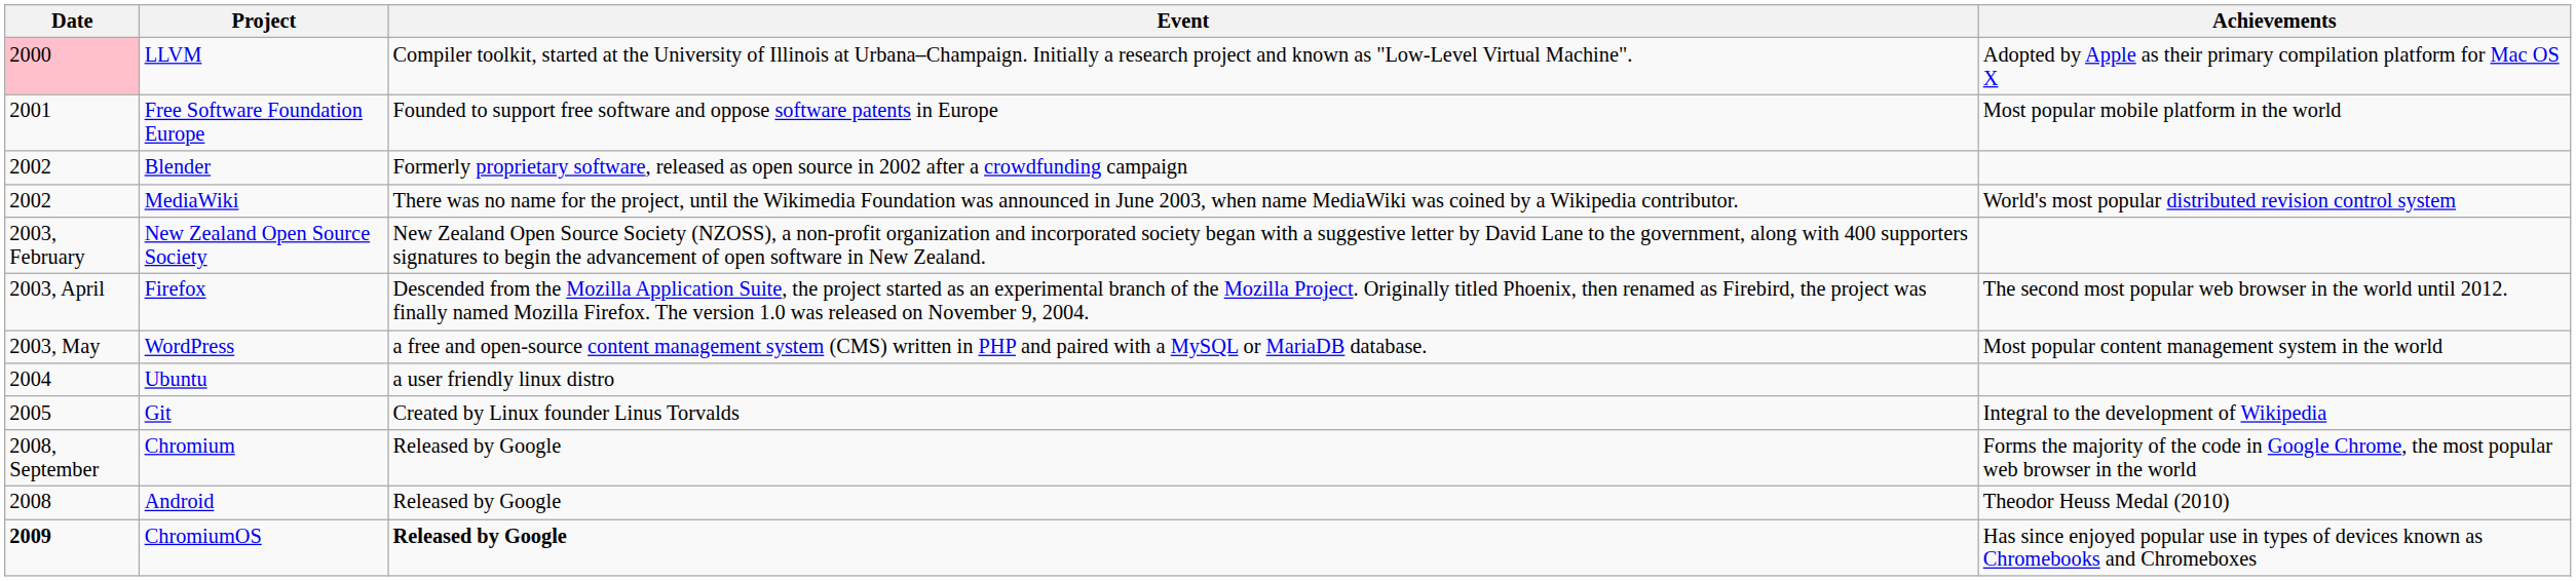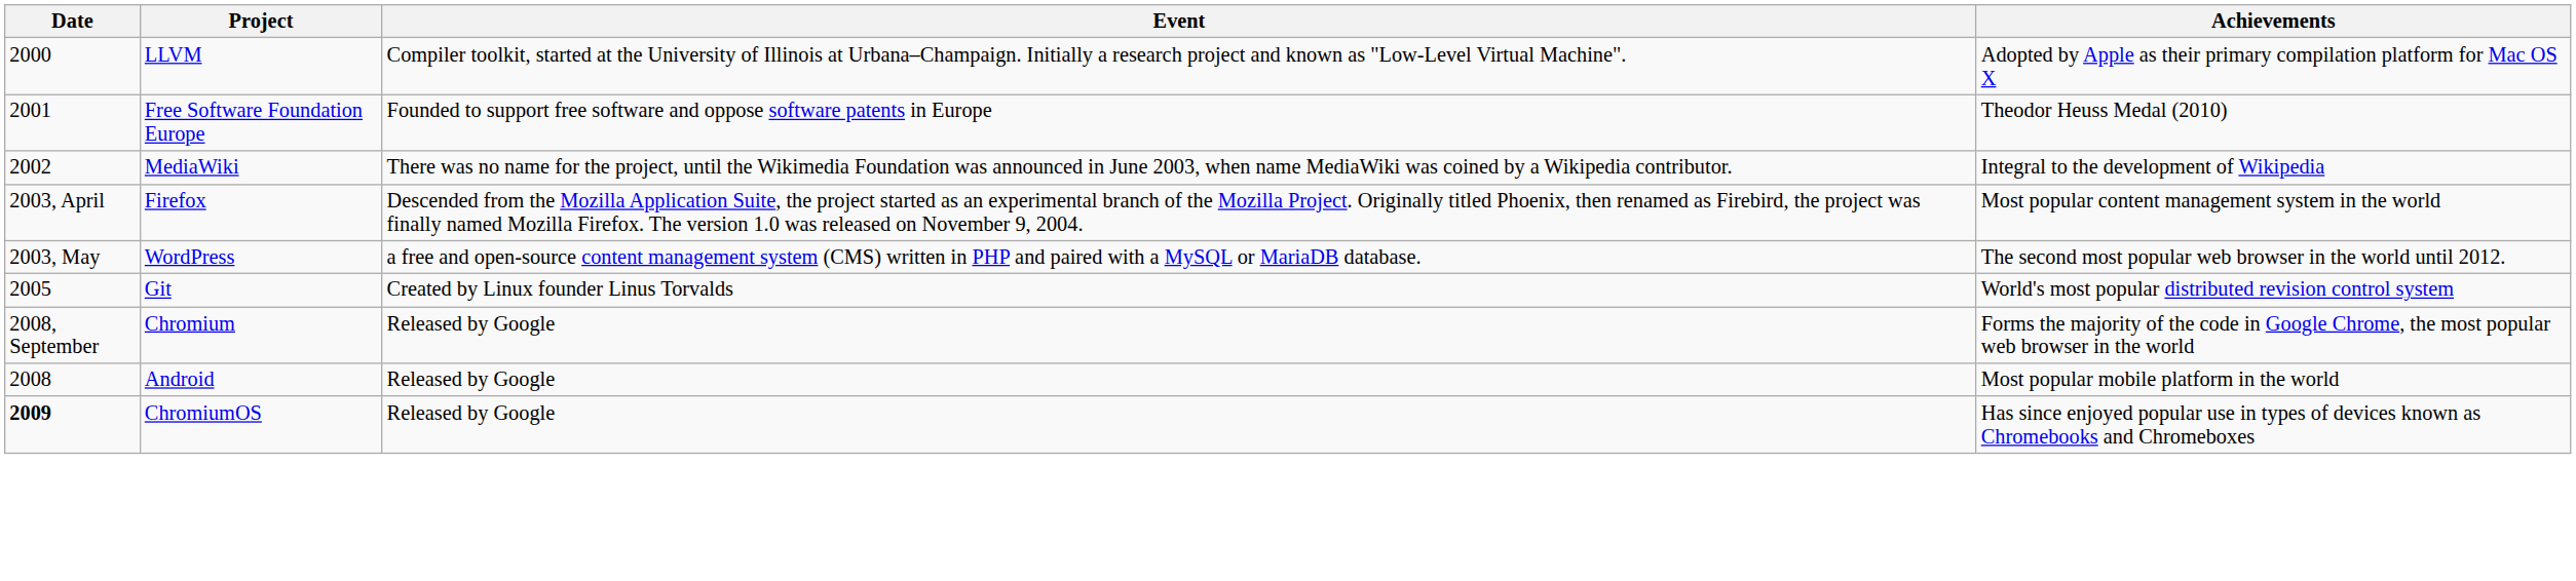 <table class="wikitable sortable">
 <tr>
 <th>Date</th>
 <th>Project</th>
 <th class="unsortable">Event</th>
 <th class="unsortable">Achievements</th>
 </tr>
 <tr valign="top">
-<td style="background: pink;">2000</td>
+<td>2000</td>
 <td><a href='#'>LLVM</a></td>
 <td>Compiler toolkit, started at the University of Illinois at Urbana–Champaign. Initially a research project and known as "Low-Level Virtual Machine".</td>
 <td>Adopted by <a href='#'>Apple</a> as their primary compilation platform for <a href='#'>Mac OS X</a></td>
 </tr>
 <tr valign="top">
 <td>2001</td>
 <td><a href='#'>Free Software Foundation Europe</a></td>
 <td>Founded to support free software and oppose <a href='#'>software patents</a> in Europe</td>
-<td>Most popular mobile platform in the world</td>
-</tr>
-<tr valign="top">
-<td>2002</td>
-<td><a href='#'>Blender</a></td>
-<td>Formerly <a href='#'>proprietary software</a>, released as open source in 2002 after a <a href='#'>crowdfunding</a> campaign</td>
-<td></td>
+<td>Theodor Heuss Medal (2010)</td>
 </tr>
 <tr valign="top">
 <td>2002</td>
 <td><a href='#'>MediaWiki</a></td>
 <td>There was no name for the project, until the Wikimedia Foundation was announced in June 2003, when name MediaWiki was coined by a Wikipedia contributor.</td>
-<td>World's most popular <a href='#'>distributed revision control system</a></td>
-</tr>
-<tr>
-<td>2003, February</td>
-<td><a href='#'>New Zealand Open Source Society</a></td>
-<td>New Zealand Open Source Society (NZOSS), a non-profit organization and incorporated society began with a suggestive letter by David Lane to the government, along with 400 supporters signatures to begin the advancement of open software in New Zealand.</td>
-<td></td>
+<td>Integral to the development of <a href='#'>Wikipedia</a></td>
 </tr>
 <tr valign="top">
 <td>2003, April</td>
 <td><a href='#'>Firefox</a></td>
 <td>Descended from the <a href='#'>Mozilla Application Suite</a>, the project started as an experimental branch of the <a href='#'>Mozilla Project</a>. Originally titled Phoenix, then renamed as Firebird, the project was finally named Mozilla Firefox. The version 1.0 was released on November 9, 2004.</td>
-<td>The second most popular web browser in the world until 2012.</td>
+<td>Most popular content management system in the world</td>
 </tr>
 <tr>
 <td>2003, May</td>
 <td><a href='#'>WordPress</a></td>
 <td>a free and open-source <a href='#'>content management system</a> (CMS) written in <a href='#'>PHP</a> and paired with a <a href='#'>MySQL</a> or <a href='#'>MariaDB</a> database.</td>
-<td>Most popular content management system in the world</td>
-</tr>
-<tr>
-<td>2004</td>
-<td><a href='#'>Ubuntu</a></td>
-<td>a user friendly linux distro</td>
-<td></td>
+<td>The second most popular web browser in the world until 2012.</td>
 </tr>
 <tr valign="top">
 <td>2005</td>
 <td><a href='#'>Git</a></td>
 <td>Created by Linux founder Linus Torvalds</td>
-<td>Integral to the development of <a href='#'>Wikipedia</a></td>
+<td>World's most popular <a href='#'>distributed revision control system</a></td>
 </tr>
 <tr valign="top">
 <td>2008, September</td>
 <td><a href='#'>Chromium</a></td>
 <td>Released by Google</td>
 <td>Forms the majority of the code in <a href='#'>Google Chrome</a>, the most popular web browser in the world</td>
 </tr>
 <tr valign="top">
 <td>2008</td>
 <td><a href='#'>Android</a></td>
 <td>Released by Google</td>
-<td>Theodor Heuss Medal (2010)</td>
+<td>Most popular mobile platform in the world</td>
 </tr>
 <tr valign="top">
 <td><strong>2009</strong></td>
 <td><a href='#'>ChromiumOS</a></td>
-<td><strong>Released by Google</strong></td>
+<td>Released by Google</td>
 <td>Has since enjoyed popular use in types of devices known as <a href='#'>Chromebooks</a> and Chromeboxes</td>
 </tr>
 </table>
